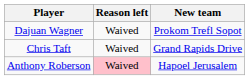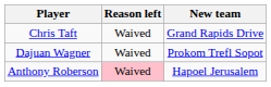 <table class="wikitable sortable sortable" style="text-align: center">
 <tr>
 <th>Player</th>
 <th>Reason left</th>
 <th>New team</th>
 </tr>
 <tr style="text-align: center">
+<td><a href='#'>Chris Taft</a></td>
+<td>Waived</td>
+<td><a href='#'>Grand Rapids Drive</a></td>
+</tr>
+<tr style="text-align: center">
 <td><a href='#'>Dajuan Wagner</a></td>
 <td>Waived</td>
 <td><a href='#'>Prokom Trefl Sopot</a></td>
-</tr>
-<tr style="text-align: center">
-<td><a href='#'>Chris Taft</a></td>
-<td>Waived</td>
-<td><a href='#'>Grand Rapids Drive</a></td>
 </tr>
 <tr style="text-align: center">
 <td><a href='#'>Anthony Roberson</a></td>
 <td style="background: pink;">Waived</td>
 <td><a href='#'>Hapoel Jerusalem</a></td>
 </tr>
 </table>
